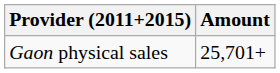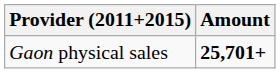 <table class="wikitable">
 <tr>
 <th>Provider (2011+2015)</th>
 <th>Amount</th>
 </tr>
 <tr>
 <td><em>Gaon</em> physical sales</td>
-<td>25,701+ </td>
+<td><strong>25,701+ </strong></td>
 </tr>
 </table>
